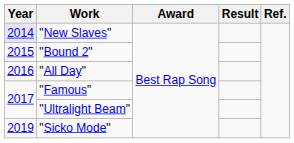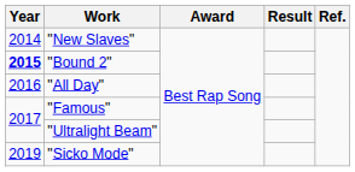 <table class="wikitable">
 <tr>
 <th>Year</th>
 <th>Work</th>
 <th>Award</th>
 <th>Result</th>
 <th>Ref.</th>
 </tr>
 <tr>
-<td style="background: lavender;"><a href='#'>2014</a></td>
+<td><a href='#'>2014</a></td>
 <td>"<a href='#'>New Slaves</a>"</td>
 <td rowspan=6><a href='#'>Best Rap Song</a></td>
 <td></td>
 <td rowspan=6></td>
 </tr>
 <tr>
-<td><a href='#'>2015</a></td>
+<td><strong><a href='#'>2015</a></strong></td>
 <td>"<a href='#'>Bound 2</a>"</td>
 <td></td>
 </tr>
 <tr>
 <td><a href='#'>2016</a></td>
 <td>"<a href='#'>All Day</a>"</td>
 <td></td>
 </tr>
 <tr>
 <td rowspan=2><a href='#'>2017</a></td>
 <td>"<a href='#'>Famous</a>"</td>
 <td></td>
 </tr>
 <tr>
 <td>"<a href='#'>Ultralight Beam</a>"</td>
 <td></td>
 </tr>
 <tr>
 <td><a href='#'>2019</a></td>
 <td>"<a href='#'>Sicko Mode</a>"</td>
 <td></td>
 </tr>
 </table>
